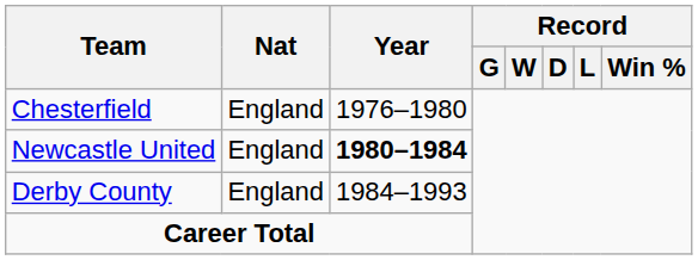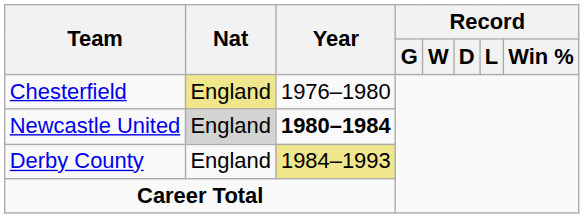 <table class="wikitable" style="text-align: center">
 <tr>
 <th rowspan="2">Team</th>
 <th rowspan="2">Nat</th>
 <th rowspan="2">Year</th>
 <th colspan="5">Record</th>
 </tr>
 <tr>
 <th>G</th>
 <th>W</th>
 <th>D</th>
 <th>L</th>
 <th>Win %</th>
 </tr>
 <tr>
 <td align="left"><a href='#'>Chesterfield</a></td>
-<td>England</td>
+<td style="background: khaki;">England</td>
 <td>1976–1980<br></td>
 </tr>
 <tr>
 <td align="left"><a href='#'>Newcastle United</a></td>
-<td>England</td>
+<td style="background: lightgrey;">England</td>
 <td><strong>1980–1984<br></strong></td>
 </tr>
 <tr>
 <td align="left"><a href='#'>Derby County</a></td>
 <td>England</td>
-<td>1984–1993<br></td>
+<td style="background: khaki;">1984–1993<br></td>
 </tr>
 <tr>
 <td colspan=3><strong>Career Total</strong><br></td>
 </tr>
 </table>
